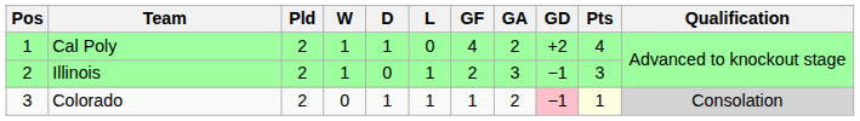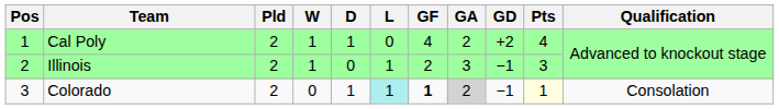 <table class="wikitable" style="text-align:center; margin: 1em auto">
 <tr>
 <th style="width:2em">Pos</th>
 <th style="width:13em">Team</th>
 <th style="width:2em">Pld</th>
 <th style="width:2em">W</th>
 <th style="width:2em">D</th>
 <th style="width:2em">L</th>
 <th style="width:2em">GF</th>
 <th style="width:2em">GA</th>
 <th style="width:2em">GD</th>
 <th style="width:2em">Pts</th>
 <th style="width:13em">Qualification</th>
 </tr>
 <tr bgcolor="#9eff9e">
 <td>1</td>
 <td style="text-align:left">Cal Poly</td>
 <td>2</td>
 <td>1</td>
 <td>1</td>
 <td>0</td>
 <td>4</td>
 <td>2</td>
 <td>+2</td>
 <td>4</td>
 <td rowspan="2">Advanced to knockout stage</td>
 </tr>
 <tr bgcolor="#9eff9e">
 <td>2</td>
 <td style="text-align:left">Illinois</td>
 <td>2</td>
 <td>1</td>
 <td>0</td>
 <td>1</td>
 <td>2</td>
 <td>3</td>
 <td>−1</td>
 <td>3</td>
 </tr>
 <tr>
 <td>3</td>
 <td style="text-align:left">Colorado</td>
 <td>2</td>
 <td>0</td>
 <td>1</td>
-<td>1</td>
-<td>1</td>
-<td>2</td>
-<td style="background: pink;">−1</td>
+<td style="background: paleturquoise;">1</td>
+<td><strong>1</strong></td>
+<td style="background: lightgrey;">2</td>
+<td>−1</td>
 <td style="background: lightyellow;">1</td>
-<td style="background: lightgrey;">Consolation</td>
+<td>Consolation</td>
 </tr>
 </table>
